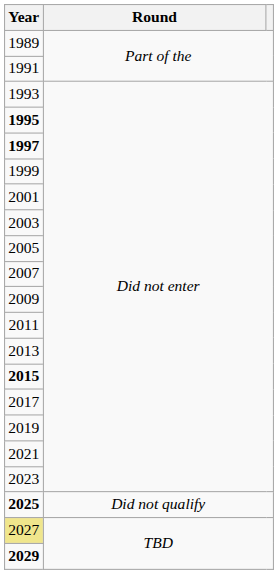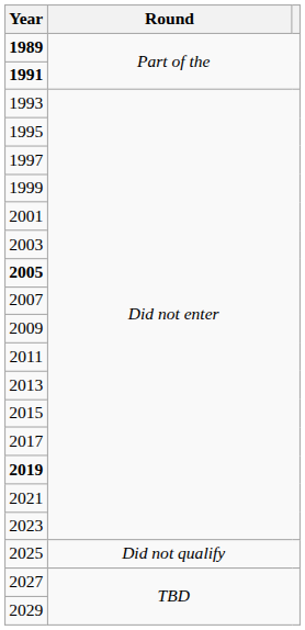 <table class="wikitable" style="text-align: center; font-size:90%">
 <tr>
 <th>Year</th>
 <th style="width:200px">Round</th>
 <th></th>
 </tr>
 <tr>
-<td>1989</td>
+<td><strong>1989</strong></td>
 <td colspan="2" rowspan="2"><em>Part of the </em></td>
 </tr>
 <tr>
-<td>1991</td>
+<td><strong>1991</strong></td>
 </tr>
 <tr>
 <td>1993</td>
 <td colspan="2" rowspan="16"><em>Did not enter</em></td>
 </tr>
 <tr>
-<td><strong>1995</strong></td>
+<td>1995</td>
 </tr>
 <tr>
-<td><strong>1997</strong></td>
+<td>1997</td>
 </tr>
 <tr>
 <td>1999</td>
 </tr>
 <tr>
 <td>2001</td>
 </tr>
 <tr>
 <td>2003</td>
 </tr>
 <tr>
-<td>2005</td>
+<td><strong>2005</strong></td>
 </tr>
 <tr>
 <td>2007</td>
 </tr>
 <tr>
 <td>2009</td>
 </tr>
 <tr>
 <td>2011</td>
 </tr>
 <tr>
 <td>2013</td>
 </tr>
 <tr>
-<td><strong>2015</strong></td>
+<td>2015</td>
 </tr>
 <tr>
 <td>2017</td>
 </tr>
 <tr>
-<td>2019</td>
+<td><strong>2019</strong></td>
 </tr>
 <tr>
 <td>2021</td>
 </tr>
 <tr>
 <td>2023</td>
 </tr>
 <tr>
-<td><strong>2025</strong></td>
+<td>2025</td>
 <td colspan="2"><em>Did not qualify</em></td>
 </tr>
 <tr>
-<td style="background: khaki;">2027</td>
+<td>2027</td>
 <td colspan="2" rowspan="2"><em>TBD</em></td>
 </tr>
 <tr>
-<td><strong>2029</strong></td>
+<td>2029</td>
 </tr>
 </table>
